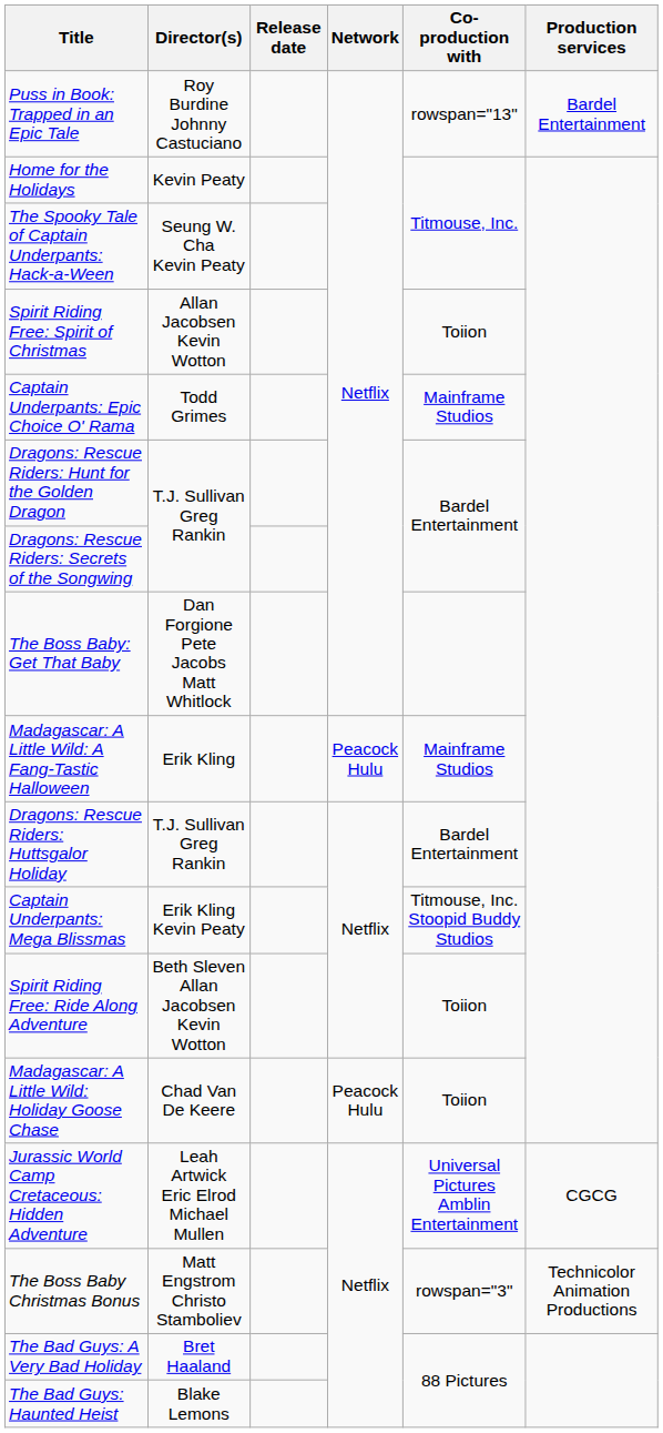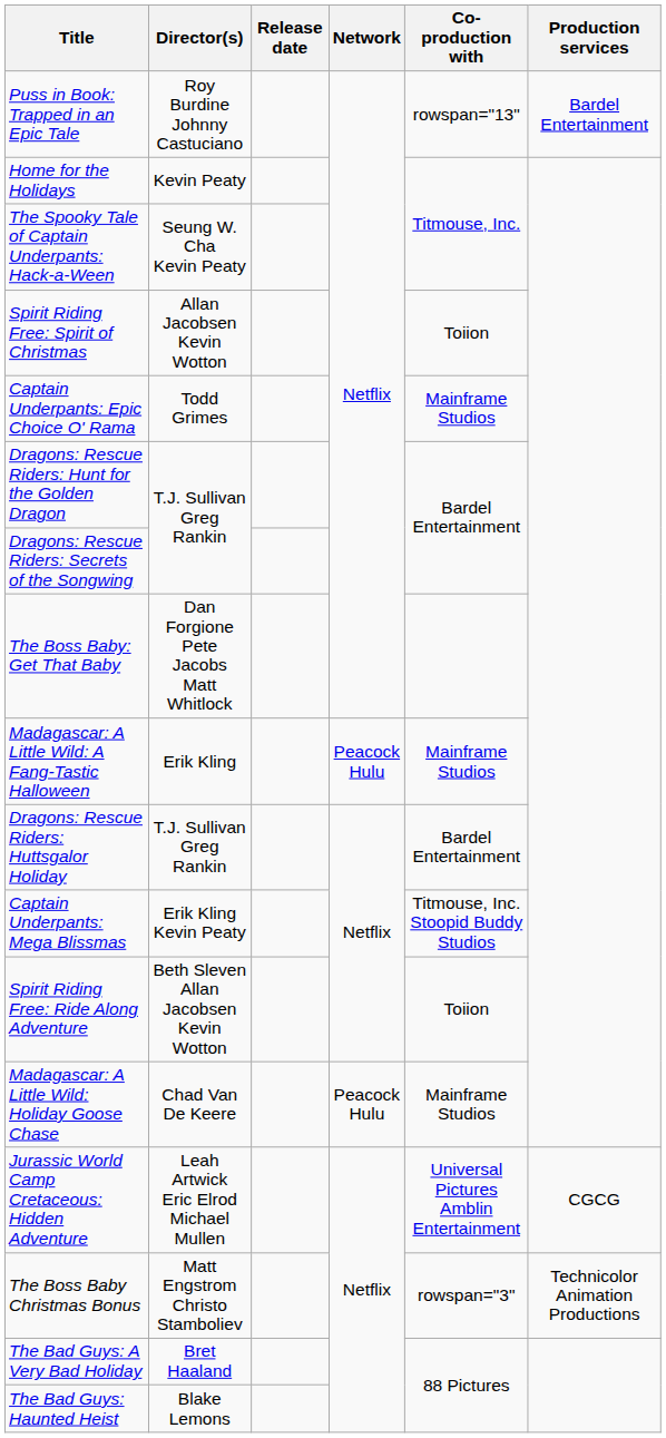 <table class="wikitable sortable" style="text-align:center;">
 <tr>
 <th>Title</th>
 <th>Director(s)</th>
 <th>Release date</th>
 <th>Network</th>
 <th>Co-production with</th>
 <th>Production services</th>
 </tr>
 <tr>
 <td style="text-align:left;"><em><a href='#'>Puss in Book: Trapped in an Epic Tale</a></em></td>
 <td style="text-align:center;">Roy Burdine<br>Johnny Castuciano</td>
 <td style="text-align:center;"></td>
 <td style="text-align:center;" rowspan="8"><a href='#'>Netflix</a></td>
 <td>rowspan="13" </td>
 <td style="text-align:center;"><a href='#'>Bardel Entertainment</a></td>
 </tr>
 <tr>
 <td style="text-align:left;"><em><a href='#'>Home for the Holidays</a></em></td>
 <td style="text-align:center;">Kevin Peaty</td>
 <td style="text-align:center;"></td>
 <td style="text-align:center;" rowspan="2"><a href='#'>Titmouse, Inc.</a></td>
 </tr>
 <tr>
 <td style="text-align:left;"><em><a href='#'>The Spooky Tale of Captain Underpants: Hack-a-Ween</a></em></td>
 <td style="text-align:center;">Seung W. Cha<br>Kevin Peaty</td>
 <td style="text-align:center;"></td>
 </tr>
 <tr>
 <td style="text-align:left;"><em><a href='#'>Spirit Riding Free: Spirit of Christmas</a></em></td>
 <td style="text-align:center;">Allan Jacobsen<br>Kevin Wotton</td>
 <td style="text-align:center;"></td>
 <td style="text-align:center;">Toiion</td>
 </tr>
 <tr>
 <td style="text-align:left;"><em><a href='#'>Captain Underpants: Epic Choice O' Rama</a></em></td>
 <td style="text-align:center;">Todd Grimes</td>
 <td style="text-align:center;"></td>
 <td style="text-align:center;"><a href='#'>Mainframe Studios</a></td>
 </tr>
 <tr>
 <td style="text-align:left;"><em><a href='#'>Dragons: Rescue Riders: Hunt for the Golden Dragon</a></em></td>
 <td style="text-align:center;" rowspan="2">T.J. Sullivan<br>Greg Rankin</td>
 <td style="text-align:center;"></td>
 <td style="text-align:center;" rowspan="2">Bardel Entertainment</td>
 </tr>
 <tr>
 <td style="text-align:left;"><em><a href='#'>Dragons: Rescue Riders: Secrets of the Songwing</a></em></td>
 <td style="text-align:center;"></td>
 </tr>
 <tr>
 <td style="text-align:left;"><em><a href='#'>The Boss Baby: Get That Baby</a></em></td>
 <td style="text-align:center;">Dan Forgione<br>Pete Jacobs<br>Matt Whitlock</td>
 <td style="text-align:center;"></td>
 <td></td>
 </tr>
 <tr>
 <td style="text-align:left;"><em><a href='#'>Madagascar: A Little Wild: A Fang-Tastic Halloween</a></em></td>
 <td style="text-align:center;">Erik Kling</td>
 <td style="text-align:center;"></td>
 <td style="text-align:center;"><a href='#'>Peacock</a><br><a href='#'>Hulu</a></td>
 <td style="text-align:center;"><a href='#'>Mainframe Studios</a></td>
 </tr>
 <tr>
 <td style="text-align:left;"><em><a href='#'>Dragons: Rescue Riders: Huttsgalor Holiday</a></em></td>
 <td style="text-align:center;">T.J. Sullivan<br>Greg Rankin</td>
 <td style="text-align:center;"></td>
 <td style="text-align:center;" rowspan="3">Netflix</td>
 <td style="text-align:center;">Bardel Entertainment</td>
 </tr>
 <tr>
 <td style="text-align:left;"><em><a href='#'>Captain Underpants: Mega Blissmas</a></em></td>
 <td style="text-align:center;">Erik Kling <br> Kevin Peaty</td>
 <td style="text-align:center;"></td>
 <td style="text-align:center;">Titmouse, Inc.<br><a href='#'>Stoopid Buddy Studios</a></td>
 </tr>
 <tr>
 <td style="text-align:left;"><em><a href='#'>Spirit Riding Free: Ride Along Adventure</a></em></td>
 <td style="text-align:center;">Beth Sleven<br>Allan Jacobsen<br>Kevin Wotton</td>
 <td style="text-align:center;"></td>
 <td style="text-align:center;">Toiion</td>
 </tr>
 <tr>
 <td style="text-align:left;"><em><a href='#'>Madagascar: A Little Wild: Holiday Goose Chase</a></em></td>
 <td style="text-align:center;">Chad Van De Keere</td>
 <td style="text-align:center;"></td>
 <td style="text-align:center;">Peacock<br>Hulu</td>
-<td style="text-align:center;">Toiion</td>
+<td style="text-align:center;">Mainframe Studios</td>
 </tr>
 <tr>
 <td style="text-align:left;"><em><a href='#'> Jurassic World Camp Cretaceous: Hidden Adventure</a></em></td>
 <td style="text-align:center;">Leah Artwick<br>Eric Elrod<br>Michael Mullen</td>
 <td style="text-align:center;"></td>
 <td rowspan="4" style="text-align:center;">Netflix</td>
 <td style="text-align:center;"><a href='#'>Universal Pictures</a><br><a href='#'>Amblin Entertainment</a></td>
 <td style="text-align:center;">CGCG</td>
 </tr>
 <tr>
 <td style="text-align:left;"><em>The Boss Baby Christmas Bonus</em></td>
 <td style="text-align:center;">Matt Engstrom<br>Christo Stamboliev</td>
 <td style="text-align:center;"></td>
 <td>rowspan="3" </td>
 <td style="text-align:center;">Technicolor Animation Productions</td>
 </tr>
 <tr>
 <td style="text-align:left;"><em><a href='#'>The Bad Guys: A Very Bad Holiday</a></em></td>
 <td style="text-align:center;"><a href='#'>Bret Haaland</a></td>
 <td></td>
 <td rowspan="2">88 Pictures</td>
 </tr>
 <tr>
 <td style="text-align:left;"><em><a href='#'>The Bad Guys: Haunted Heist</a></em></td>
 <td style="text-align:center;">Blake Lemons</td>
 <td></td>
 </tr>
 </table>
